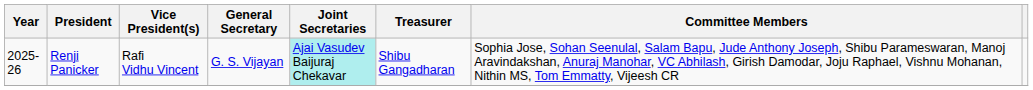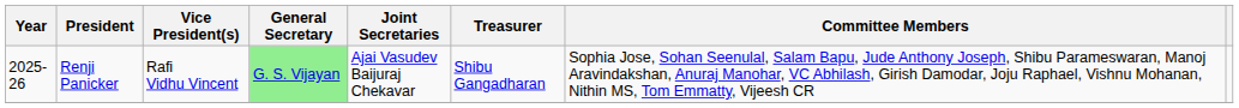 <table class="wikitable sortable" style="font-size: 95%;">
 <tr>
 <th>Year</th>
 <th>President</th>
 <th>Vice President(s)</th>
 <th>General Secretary</th>
 <th>Joint Secretaries</th>
 <th>Treasurer</th>
 <th>Committee Members</th>
 <th></th>
 </tr>
 <tr>
 <td>2025-26</td>
 <td><a href='#'>Renji Panicker</a></td>
 <td>Rafi<br><a href='#'>Vidhu Vincent</a></td>
-<td><a href='#'>G. S. Vijayan</a></td>
-<td style="background: paleturquoise;"><a href='#'>Ajai Vasudev</a><br>Baijuraj Chekavar</td>
+<td style="background: lightgreen;"><a href='#'>G. S. Vijayan</a></td>
+<td><a href='#'>Ajai Vasudev</a><br>Baijuraj Chekavar</td>
 <td><a href='#'>Shibu Gangadharan</a></td>
 <td>Sophia Jose, <a href='#'>Sohan Seenulal</a>, <a href='#'>Salam Bapu</a>, <a href='#'>Jude Anthony Joseph</a>, Shibu Parameswaran, Manoj Aravindakshan, <a href='#'>Anuraj Manohar</a>, <a href='#'>VC Abhilash</a>, Girish Damodar, Joju Raphael, Vishnu Mohanan, Nithin MS, <a href='#'>Tom Emmatty</a>, Vijeesh CR</td>
 <td></td>
 </tr>
 <tr>
 </tr>
 </table>
